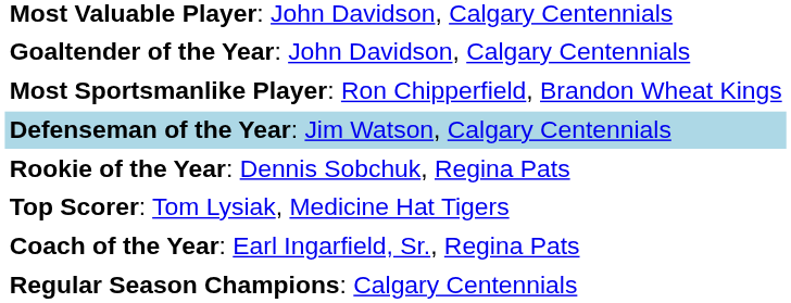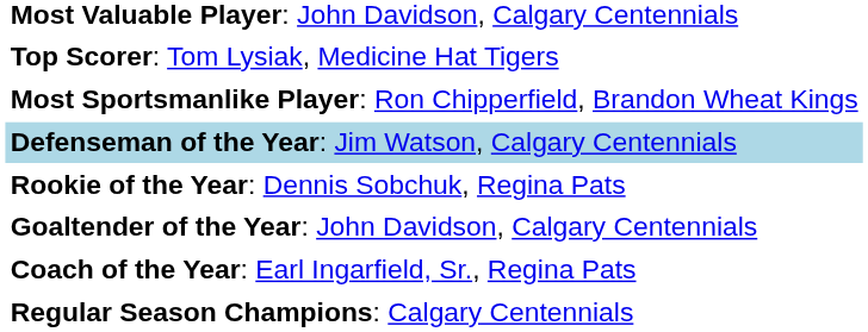 <table cellpadding="3" cellspacing="1">
 <tr>
 <td><strong>Most Valuable Player</strong>: <a href='#'>John Davidson</a>, <a href='#'>Calgary Centennials</a></td>
 </tr>
 <tr>
-<td><strong>Goaltender of the Year</strong>: <a href='#'>John Davidson</a>, <a href='#'>Calgary Centennials</a></td>
+<td><strong>Top Scorer</strong>: <a href='#'>Tom Lysiak</a>, <a href='#'>Medicine Hat Tigers</a></td>
 </tr>
 <tr>
 <td><strong>Most Sportsmanlike Player</strong>: <a href='#'>Ron Chipperfield</a>, <a href='#'>Brandon Wheat Kings</a></td>
 </tr>
 <tr>
 <td style="background: lightblue;"><strong>Defenseman of the Year</strong>: <a href='#'>Jim Watson</a>, <a href='#'>Calgary Centennials</a></td>
 </tr>
 <tr>
 <td><strong>Rookie of the Year</strong>: <a href='#'>Dennis Sobchuk</a>, <a href='#'>Regina Pats</a></td>
 </tr>
 <tr>
-<td><strong>Top Scorer</strong>: <a href='#'>Tom Lysiak</a>, <a href='#'>Medicine Hat Tigers</a></td>
+<td><strong>Goaltender of the Year</strong>: <a href='#'>John Davidson</a>, <a href='#'>Calgary Centennials</a></td>
 </tr>
 <tr>
 <td><strong>Coach of the Year</strong>: <a href='#'>Earl Ingarfield, Sr.</a>, <a href='#'>Regina Pats</a></td>
 </tr>
 <tr>
 <td><strong>Regular Season Champions</strong>: <a href='#'>Calgary Centennials</a></td>
 </tr>
 </table>
